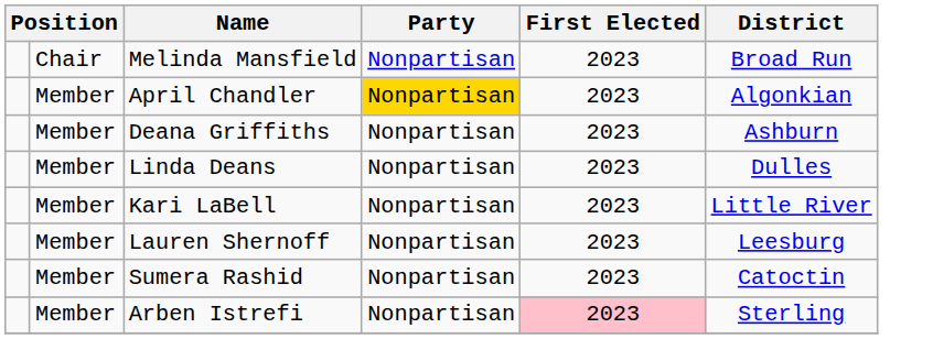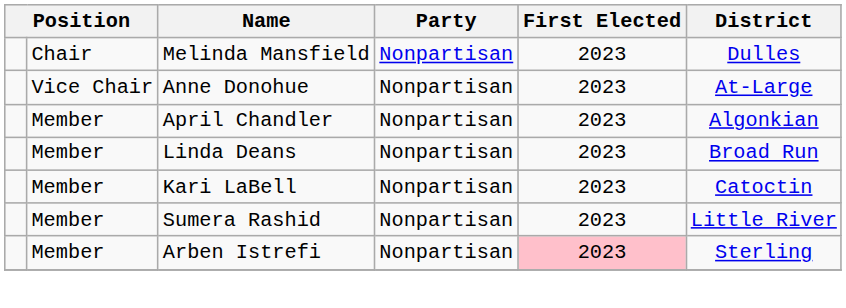 <table class="wikitable">
 <tr>
 <th colspan="2" align="center" valign="bottom">Position</th>
 <th style="text-align:center;">Name</th>
 <th valign="bottom">Party</th>
 <th valign="bottom" align="center">First Elected</th>
 <th valign="bottom" align="center">District</th>
 </tr>
 <tr>
 <td style="background-color:"> </td>
 <td>Chair</td>
 <td>Melinda Mansfield</td>
 <td style="text-align:center;"><a href='#'>Nonpartisan</a></td>
 <td style="text-align:center;">2023</td>
-<td style="text-align:center;"><a href='#'>Broad Run</a></td>
+<td style="text-align:center;"><a href='#'>Dulles</a></td>
+</tr>
+<tr>
+<td style="background-color:"> </td>
+<td>Vice Chair</td>
+<td>Anne Donohue</td>
+<td style="text-align:center;">Nonpartisan</td>
+<td style="text-align:center;">2023</td>
+<td style="text-align:center;"><a href='#'>At-Large</a></td>
 </tr>
 <tr>
 <td style="background-color:"> </td>
 <td>Member</td>
 <td>April Chandler</td>
-<td style="background: gold; text-align:center;">Nonpartisan</td>
+<td style="text-align:center;">Nonpartisan</td>
 <td style="text-align:center;">2023</td>
 <td style="text-align:center;"><a href='#'>Algonkian</a></td>
-</tr>
-<tr>
-<td style="background-color:"> </td>
-<td>Member</td>
-<td>Deana Griffiths</td>
-<td style="text-align:center;">Nonpartisan</td>
-<td style="text-align:center;">2023</td>
-<td style="text-align:center;"><a href='#'>Ashburn</a></td>
 </tr>
 <tr>
 <td style="background-color:"> </td>
 <td>Member</td>
 <td>Linda Deans</td>
 <td style="text-align:center;">Nonpartisan</td>
 <td style="text-align:center;">2023</td>
-<td style="text-align:center;"><a href='#'>Dulles</a></td>
+<td style="text-align:center;"><a href='#'>Broad Run</a></td>
 </tr>
 <tr>
 <td style="background-color:"> </td>
 <td>Member</td>
 <td>Kari LaBell</td>
 <td style="text-align:center;">Nonpartisan</td>
 <td style="text-align:center;">2023</td>
-<td style="text-align:center;"><a href='#'>Little River</a></td>
-</tr>
-<tr>
-<td style="background-color:"> </td>
-<td>Member</td>
-<td>Lauren Shernoff</td>
-<td style="text-align:center;">Nonpartisan</td>
-<td style="text-align:center;">2023</td>
-<td style="text-align:center;"><a href='#'>Leesburg</a></td>
+<td style="text-align:center;"><a href='#'>Catoctin</a></td>
 </tr>
 <tr>
 <td style="background-color:"> </td>
 <td>Member</td>
 <td>Sumera Rashid</td>
 <td style="text-align:center;">Nonpartisan</td>
 <td style="text-align:center;">2023</td>
-<td style="text-align:center;"><a href='#'>Catoctin</a></td>
+<td style="text-align:center;"><a href='#'>Little River</a></td>
 </tr>
 <tr>
 <td style="background-color:"> </td>
 <td>Member</td>
 <td>Arben Istrefi</td>
 <td style="text-align:center;">Nonpartisan</td>
 <td style="background: pink; text-align:center;">2023</td>
 <td style="text-align:center;"><a href='#'>Sterling</a></td>
 </tr>
 <tr>
 </tr>
 </table>
